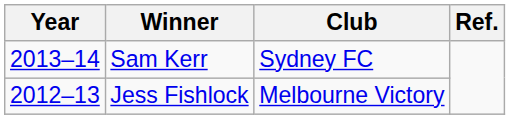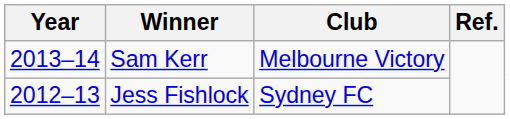 <table class="wikitable">
 <tr>
 <th>Year</th>
 <th>Winner</th>
 <th>Club</th>
 <th>Ref.</th>
 </tr>
 <tr>
 <td><a href='#'>2013–14</a></td>
 <td><a href='#'>Sam Kerr</a></td>
-<td><a href='#'>Sydney FC</a></td>
+<td><a href='#'>Melbourne Victory</a></td>
 <td rowspan=2></td>
 </tr>
 <tr>
 <td><a href='#'>2012–13</a></td>
 <td><a href='#'>Jess Fishlock</a></td>
-<td><a href='#'>Melbourne Victory</a></td>
+<td><a href='#'>Sydney FC</a></td>
 </tr>
 </table>
